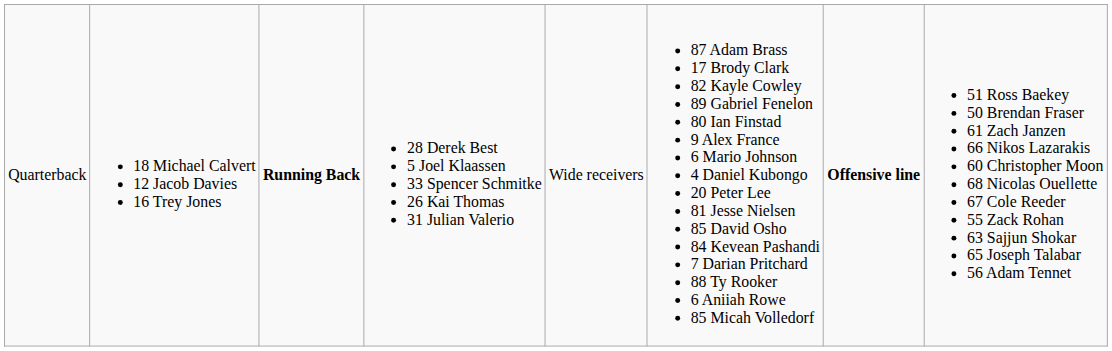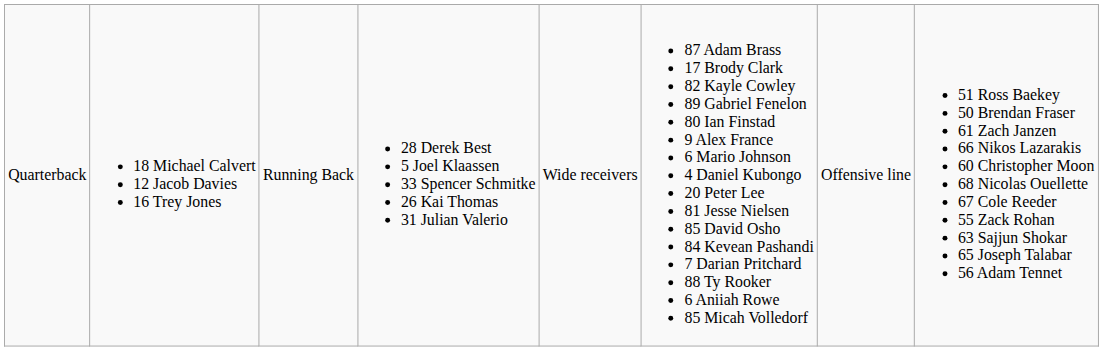 <table class="wikitable">
 <tr>
 </tr>
 <tr>
 <td>Quarterback</td>
 <td><br><ul><li>18 Michael Calvert</li><li>12 Jacob Davies</li><li>16 Trey Jones</li></ul></td>
-<td><strong>Running Back</strong></td>
+<td>Running Back</td>
 <td><br><ul><li>28 Derek Best</li><li>5 Joel Klaassen</li><li>33 Spencer Schmitke</li><li>26 Kai Thomas</li><li>31 Julian Valerio</li></ul></td>
 <td>Wide receivers</td>
 <td><br><ul><li>87 Adam Brass</li><li>17 Brody Clark</li><li>82 Kayle Cowley</li><li>89 Gabriel Fenelon</li><li>80 Ian Finstad</li><li>9 Alex France</li><li>6 Mario Johnson</li><li>4 Daniel Kubongo</li><li>20 Peter Lee</li><li>81 Jesse Nielsen</li><li>85 David Osho</li><li>84 Kevean Pashandi</li><li>7 Darian Pritchard</li><li>88 Ty Rooker</li><li>6 Aniiah Rowe</li><li>85 Micah Volledorf</li></ul></td>
-<td><strong>Offensive line</strong></td>
+<td>Offensive line</td>
 <td><br><ul><li>51 Ross Baekey</li><li>50 Brendan Fraser</li><li>61 Zach Janzen</li><li>66 Nikos Lazarakis</li><li>60 Christopher Moon</li><li>68 Nicolas Ouellette</li><li>67 Cole Reeder</li><li>55 Zack Rohan</li><li>63 Sajjun Shokar</li><li>65 Joseph Talabar</li><li>56 Adam Tennet</li></ul></td>
 </tr>
 </table>
